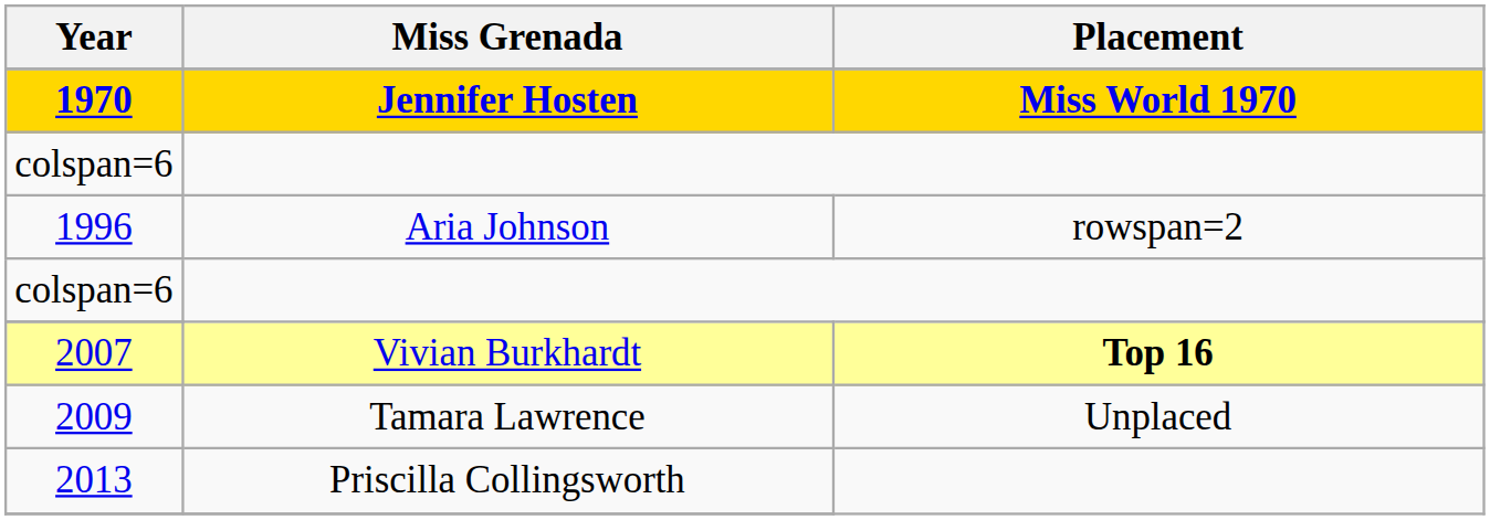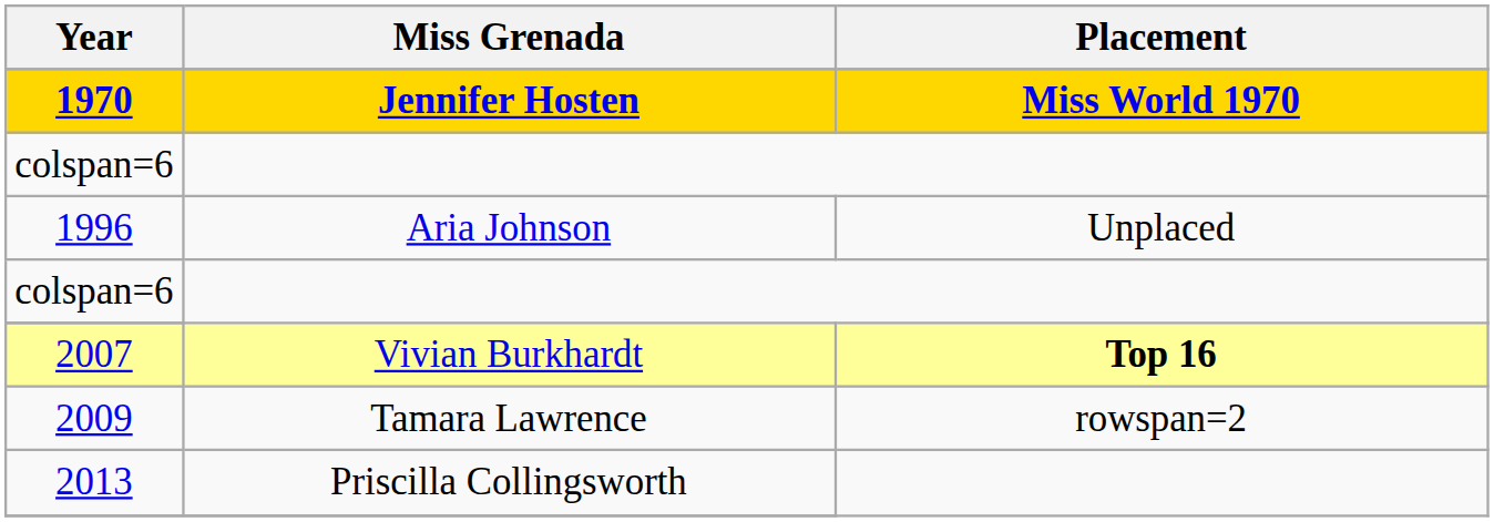 <table class="wikitable sortable" style="font-size: 95%; text-align:center">
 <tr>
 <th width="60">Year</th>
 <th width="250">Miss Grenada</th>
 <th width="250">Placement</th>
 </tr>
 <tr>
 </tr>
 <tr style="background-color:gold; font-weight: bold ">
 <td><a href='#'>1970</a></td>
 <td><a href='#'>Jennifer Hosten</a></td>
 <td><strong><a href='#'>Miss World 1970</a></strong></td>
 </tr>
 <tr>
 <td>colspan=6 </td>
 </tr>
 <tr>
 <td><a href='#'>1996</a></td>
 <td><a href='#'>Aria Johnson</a></td>
-<td>rowspan=2 </td>
+<td>Unplaced</td>
 </tr>
 <tr>
 <td>colspan=6 </td>
 </tr>
 <tr>
 </tr>
 <tr style="background-color:#FFFF99;">
 <td><a href='#'>2007</a></td>
 <td><a href='#'>Vivian Burkhardt</a></td>
 <td><strong>Top 16</strong></td>
 </tr>
 <tr>
 <td><a href='#'>2009</a></td>
 <td>Tamara Lawrence</td>
-<td>Unplaced</td>
+<td>rowspan=2 </td>
 </tr>
 <tr>
 <td><a href='#'>2013</a></td>
 <td>Priscilla Collingsworth</td>
 </tr>
 <tr>
 </tr>
 </table>
